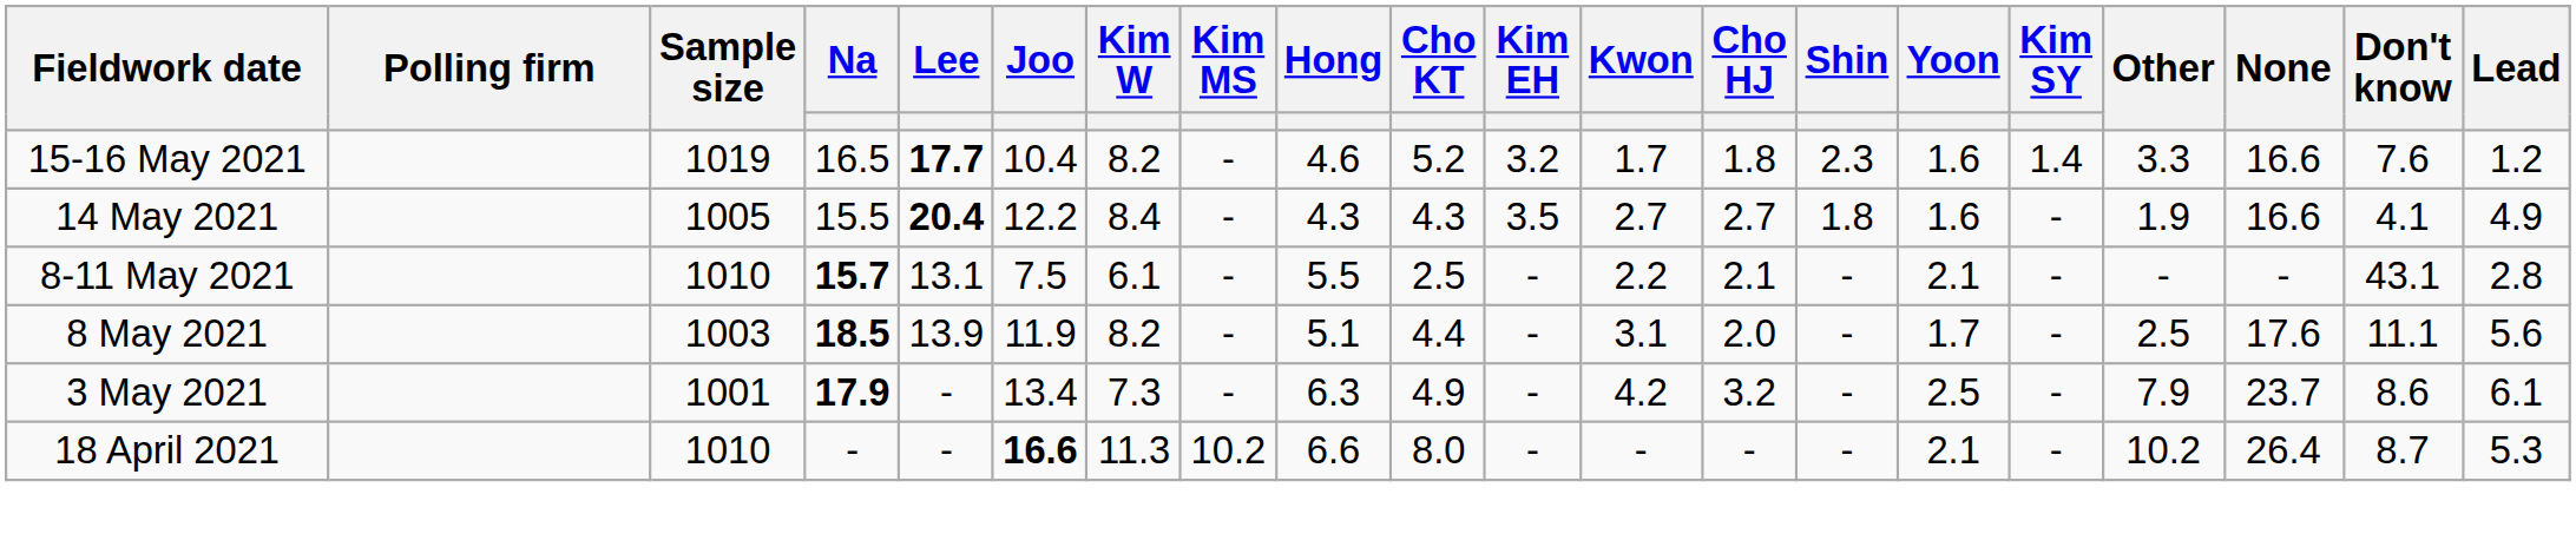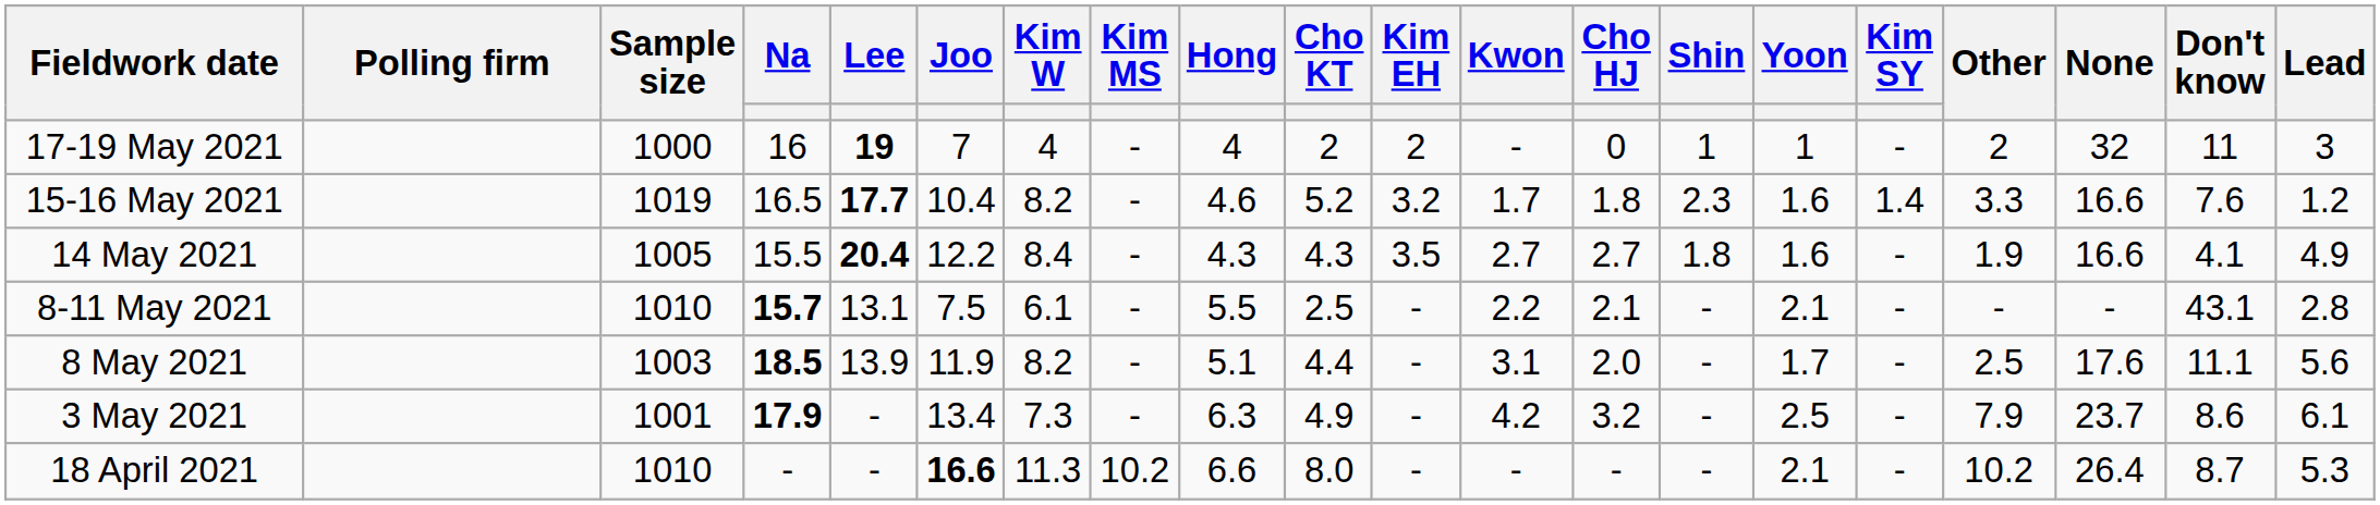 <table class="wikitable sortable" style="text-align:center;font-size:95%;line-height:16px;">
 <tr style="height:42px;">
 <th style="width:120px;" rowspan="2">Fieldwork date</th>
 <th style="width:120px;" rowspan="2">Polling firm</th>
 <th style="width:30px;" rowspan="2">Sample<br>size</th>
 <th style="width:30px;"><a href='#'>Na</a></th>
 <th style="width:30px;"><a href='#'>Lee</a></th>
 <th style="width:30px;"><a href='#'>Joo</a></th>
 <th style="width:30px;"><a href='#'>Kim W</a></th>
 <th style="width:30px;"><a href='#'>Kim MS</a></th>
 <th style="width:30px;"><a href='#'>Hong</a></th>
 <th style="width:30px;"><a href='#'>Cho KT</a></th>
 <th style="width:30px;"><a href='#'>Kim EH</a></th>
 <th style="width:30px;"><a href='#'>Kwon</a></th>
 <th style="width:30px;"><a href='#'>Cho HJ</a></th>
 <th style="width:30px;"><a href='#'>Shin</a></th>
 <th style="width:30px;"><a href='#'>Yoon</a></th>
 <th style="width:30px;"><a href='#'>Kim SY</a></th>
 <th style="width:40px;" class="unsortable" rowspan="2">Other</th>
 <th style="width:40px;" class="unsortable" rowspan="2">None</th>
 <th style="width:40px;" class="unsortable" rowspan="2">Don't know</th>
 <th style="width:20px;" class="unsortable" rowspan="2">Lead</th>
 </tr>
 <tr>
 <th style="color:inherit;background:"></th>
 <th style="color:inherit;background:"></th>
 <th style="color:inherit;background:"></th>
 <th style="color:inherit;background:"></th>
 <th style="color:inherit;background:"></th>
 <th style="color:inherit;background:"></th>
 <th style="color:inherit;background:"></th>
 <th style="color:inherit;background:"></th>
 <th style="color:inherit;background:"></th>
 <th style="color:inherit;background:"></th>
 <th style="color:inherit;background:"></th>
 <th style="color:inherit;background:"></th>
 <th style="color:inherit;background:"></th>
+</tr>
+<tr>
+<td>17-19 May 2021</td>
+<td></td>
+<td>1000</td>
+<td>16</td>
+<td style="background:"><strong>19</strong></td>
+<td>7</td>
+<td>4</td>
+<td>-</td>
+<td>4</td>
+<td>2</td>
+<td>2</td>
+<td>-</td>
+<td>0</td>
+<td>1</td>
+<td>1</td>
+<td>-</td>
+<td>2</td>
+<td>32</td>
+<td>11</td>
+<td style="background:">3</td>
 </tr>
 <tr>
 <td>15-16 May 2021</td>
 <td></td>
 <td>1019</td>
 <td>16.5</td>
 <td style="background:"><strong>17.7</strong></td>
 <td>10.4</td>
 <td>8.2</td>
 <td>-</td>
 <td>4.6</td>
 <td>5.2</td>
 <td>3.2</td>
 <td>1.7</td>
 <td>1.8</td>
 <td>2.3</td>
 <td>1.6</td>
 <td>1.4</td>
 <td>3.3</td>
 <td>16.6</td>
 <td>7.6</td>
 <td style="background:">1.2</td>
 </tr>
 <tr>
 <td>14 May 2021</td>
 <td></td>
 <td>1005</td>
 <td>15.5</td>
 <td style="background:"><strong>20.4</strong></td>
 <td>12.2</td>
 <td>8.4</td>
 <td>-</td>
 <td>4.3</td>
 <td>4.3</td>
 <td>3.5</td>
 <td>2.7</td>
 <td>2.7</td>
 <td>1.8</td>
 <td>1.6</td>
 <td>-</td>
 <td>1.9</td>
 <td>16.6</td>
 <td>4.1</td>
 <td style="background:">4.9</td>
 </tr>
 <tr>
 <td>8-11 May 2021</td>
 <td></td>
 <td>1010</td>
 <td style="background:"><strong>15.7</strong></td>
 <td>13.1</td>
 <td>7.5</td>
 <td>6.1</td>
 <td>-</td>
 <td>5.5</td>
 <td>2.5</td>
 <td>-</td>
 <td>2.2</td>
 <td>2.1</td>
 <td>-</td>
 <td>2.1</td>
 <td>-</td>
 <td>-</td>
 <td>-</td>
 <td>43.1</td>
 <td style="background:">2.8</td>
 </tr>
 <tr>
 <td>8 May 2021</td>
 <td></td>
 <td>1003</td>
 <td style="background:"><strong>18.5</strong></td>
 <td>13.9</td>
 <td>11.9</td>
 <td>8.2</td>
 <td>-</td>
 <td>5.1</td>
 <td>4.4</td>
 <td>-</td>
 <td>3.1</td>
 <td>2.0</td>
 <td>-</td>
 <td>1.7</td>
 <td>-</td>
 <td>2.5</td>
 <td>17.6</td>
 <td>11.1</td>
 <td style="background:">5.6</td>
 </tr>
 <tr>
 <td>3 May 2021</td>
 <td></td>
 <td>1001</td>
 <td style="background:"><strong>17.9</strong></td>
 <td>-</td>
 <td>13.4</td>
 <td>7.3</td>
 <td>-</td>
 <td>6.3</td>
 <td>4.9</td>
 <td>-</td>
 <td>4.2</td>
 <td>3.2</td>
 <td>-</td>
 <td>2.5</td>
 <td>-</td>
 <td>7.9</td>
 <td>23.7</td>
 <td>8.6</td>
 <td style="background:">6.1</td>
 </tr>
 <tr>
 <td>18 April 2021</td>
 <td></td>
 <td>1010</td>
 <td>-</td>
 <td>-</td>
 <td style="background:"><strong>16.6</strong></td>
 <td>11.3</td>
 <td>10.2</td>
 <td>6.6</td>
 <td>8.0</td>
 <td>-</td>
 <td>-</td>
 <td>-</td>
 <td>-</td>
 <td>2.1</td>
 <td>-</td>
 <td>10.2</td>
 <td>26.4</td>
 <td>8.7</td>
 <td style="background:">5.3</td>
 </tr>
 </table>
